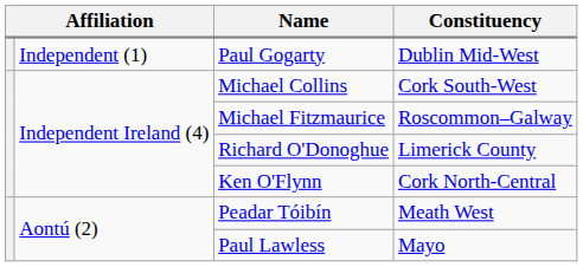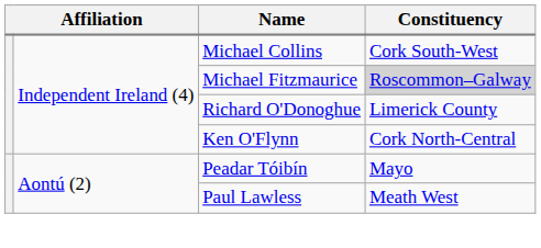 <table class="wikitable sortable">
 <tr style="border-bottom: 2px solid gray;">
 <th colspan=2>Affiliation</th>
 <th>Name</th>
 <th>Constituency</th>
-</tr>
-<tr>
-<th rowspan=1 style="background-color:"></th>
-<td rowspan=1><a href='#'>Independent</a> (1)</td>
-<td data-sort-value="Gogarty, Paul"><a href='#'>Paul Gogarty</a></td>
-<td><a href='#'>Dublin Mid-West</a></td>
 </tr>
 <tr>
 <th rowspan=4 style="background-color:"></th>
 <td rowspan=4><a href='#'>Independent Ireland</a> (4)</td>
 <td data-sort-value="Collins, Michael"><a href='#'>Michael Collins</a></td>
 <td><a href='#'>Cork South-West</a></td>
 </tr>
 <tr>
 <td data-sort-value="Fitzmaurice, Michael"><a href='#'>Michael Fitzmaurice</a></td>
-<td><a href='#'>Roscommon–Galway</a></td>
+<td style="background: lightgrey;"><a href='#'>Roscommon–Galway</a></td>
 </tr>
 <tr>
 <td data-sort-value="O'Donoghue, Richard"><a href='#'>Richard O'Donoghue</a></td>
 <td><a href='#'>Limerick County</a></td>
 </tr>
 <tr>
 <td data-sort-value="O'Flynn, Ken"><a href='#'>Ken O'Flynn</a></td>
 <td><a href='#'>Cork North-Central</a></td>
 </tr>
 <tr>
 <th rowspan=2 style="background-color:"></th>
 <td rowspan=2><a href='#'>Aontú</a> (2)</td>
 <td date-sort-value="Peadar,Tóibín"><a href='#'>Peadar Tóibín</a></td>
-<td><a href='#'>Meath West</a></td>
+<td><a href='#'>Mayo</a></td>
 </tr>
 <tr>
 <td date-sort-value="Paul, Lawless"><a href='#'>Paul Lawless</a></td>
-<td><a href='#'>Mayo</a></td>
+<td><a href='#'>Meath West</a></td>
 </tr>
 </table>
